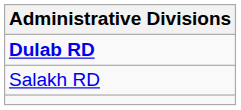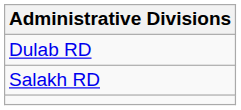 <table class="wikitable">
 <tr>
 <th>Administrative Divisions</th>
 </tr>
 <tr>
-<td><strong><a href='#'>Dulab RD</a></strong></td>
+<td><a href='#'>Dulab RD</a></td>
 </tr>
 <tr>
 <td><a href='#'>Salakh RD</a></td>
 </tr>
 <tr>
 <td colspan=1></td>
 </tr>
 </table>
